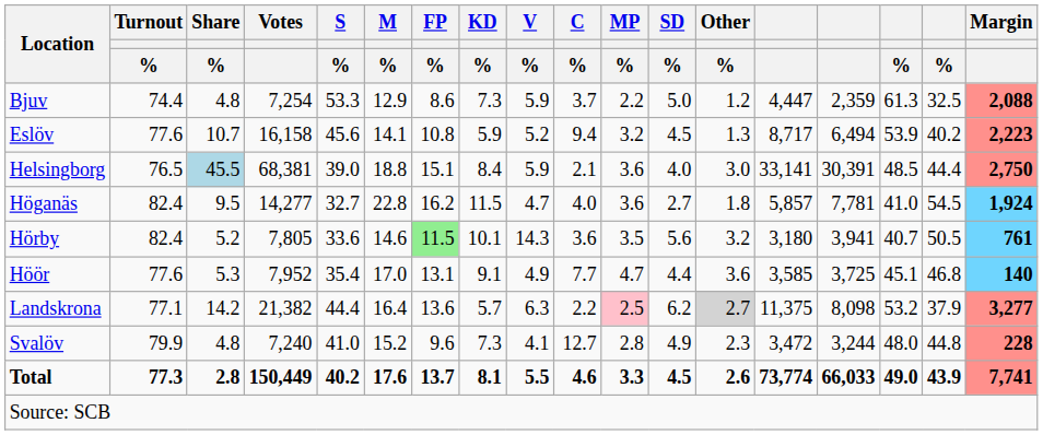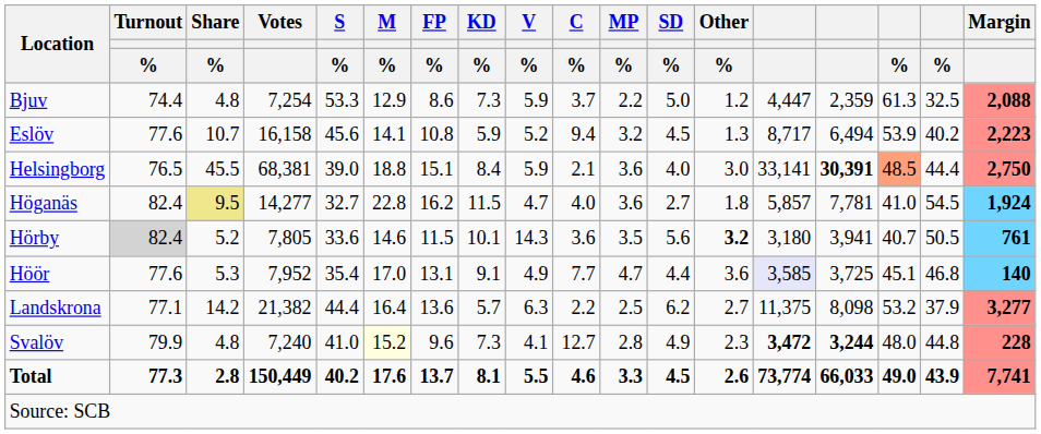 <table class="wikitable sortable" style="text-align:right; font-size:95%; line-height:20px;">
 <tr>
 <th rowspan="3">Location</th>
 <th>Turnout</th>
 <th>Share</th>
 <th>Votes</th>
 <th width="30px" class="unsortable"><a href='#'>S</a></th>
 <th width="30px" class="unsortable"><a href='#'>M</a></th>
 <th width="30px" class="unsortable"><a href='#'>FP</a></th>
 <th width="30px" class="unsortable"><a href='#'>KD</a></th>
 <th width="30px" class="unsortable"><a href='#'>V</a></th>
 <th width="30px" class="unsortable"><a href='#'>C</a></th>
 <th width="30px" class="unsortable"><a href='#'>MP</a></th>
 <th width="30px" class="unsortable"><a href='#'>SD</a></th>
 <th width="30px" class="unsortable">Other</th>
 <th></th>
 <th></th>
 <th></th>
 <th></th>
 <th>Margin</th>
 </tr>
 <tr>
 <th></th>
 <th></th>
 <th></th>
 <th style="background:"></th>
 <th style="background:"></th>
 <th style="background:"></th>
 <th style="background:"></th>
 <th style="background:"></th>
 <th style="background:"></th>
 <th style="background:"></th>
 <th style="background:"></th>
 <th style="background:"></th>
 <th style="background:"></th>
 <th style="background:"></th>
 <th style="background:"></th>
 <th style="background:"></th>
 <th></th>
 </tr>
 <tr>
 <th data-sort-type="number">%</th>
 <th data-sort-type="number">%</th>
 <th></th>
 <th data-sort-type="number">%</th>
 <th data-sort-type="number">%</th>
 <th data-sort-type="number">%</th>
 <th data-sort-type="number">%</th>
 <th data-sort-type="number">%</th>
 <th data-sort-type="number">%</th>
 <th data-sort-type="number">%</th>
 <th data-sort-type="number">%</th>
 <th data-sort-type="number">%</th>
 <th data-sort-type="number"></th>
 <th data-sort-type="number"></th>
 <th data-sort-type="number">%</th>
 <th data-sort-type="number">%</th>
 <th data-sort-type="number"></th>
 </tr>
 <tr>
 <td align=left><a href='#'>Bjuv</a></td>
 <td>74.4</td>
 <td>4.8</td>
 <td>7,254</td>
 <td>53.3</td>
 <td>12.9</td>
 <td>8.6</td>
 <td>7.3</td>
 <td>5.9</td>
 <td>3.7</td>
 <td>2.2</td>
 <td>5.0</td>
 <td>1.2</td>
 <td>4,447</td>
 <td>2,359</td>
 <td>61.3</td>
 <td>32.5</td>
 <td bgcolor=#ff908c><strong>2,088</strong></td>
 </tr>
 <tr>
 <td align=left><a href='#'>Eslöv</a></td>
 <td>77.6</td>
 <td>10.7</td>
 <td>16,158</td>
 <td>45.6</td>
 <td>14.1</td>
 <td>10.8</td>
 <td>5.9</td>
 <td>5.2</td>
 <td>9.4</td>
 <td>3.2</td>
 <td>4.5</td>
 <td>1.3</td>
 <td>8,717</td>
 <td>6,494</td>
 <td>53.9</td>
 <td>40.2</td>
 <td bgcolor=#ff908c><strong>2,223</strong></td>
 </tr>
 <tr>
 <td align=left><a href='#'>Helsingborg</a></td>
 <td>76.5</td>
-<td style="background: lightblue;">45.5</td>
+<td>45.5</td>
 <td>68,381</td>
 <td>39.0</td>
 <td>18.8</td>
 <td>15.1</td>
 <td>8.4</td>
 <td>5.9</td>
 <td>2.1</td>
 <td>3.6</td>
 <td>4.0</td>
 <td>3.0</td>
 <td>33,141</td>
-<td>30,391</td>
-<td>48.5</td>
+<td><strong>30,391</strong></td>
+<td style="background: lightsalmon;">48.5</td>
 <td>44.4</td>
 <td bgcolor=#ff908c><strong>2,750</strong></td>
 </tr>
 <tr>
 <td align=left><a href='#'>Höganäs</a></td>
 <td>82.4</td>
-<td>9.5</td>
+<td style="background: khaki;">9.5</td>
 <td>14,277</td>
 <td>32.7</td>
 <td>22.8</td>
 <td>16.2</td>
 <td>11.5</td>
 <td>4.7</td>
 <td>4.0</td>
 <td>3.6</td>
 <td>2.7</td>
 <td>1.8</td>
 <td>5,857</td>
 <td>7,781</td>
 <td>41.0</td>
 <td>54.5</td>
 <td bgcolor=#6fd5fe><strong>1,924</strong></td>
 </tr>
 <tr>
 <td align=left><a href='#'>Hörby</a></td>
-<td>82.4</td>
+<td style="background: lightgrey;">82.4</td>
 <td>5.2</td>
 <td>7,805</td>
 <td>33.6</td>
 <td>14.6</td>
-<td style="background: lightgreen;">11.5</td>
+<td>11.5</td>
 <td>10.1</td>
 <td>14.3</td>
 <td>3.6</td>
 <td>3.5</td>
 <td>5.6</td>
-<td>3.2</td>
+<td><strong>3.2</strong></td>
 <td>3,180</td>
 <td>3,941</td>
 <td>40.7</td>
 <td>50.5</td>
 <td bgcolor=#6fd5fe><strong>761</strong></td>
 </tr>
 <tr>
 <td align=left><a href='#'>Höör</a></td>
 <td>77.6</td>
 <td>5.3</td>
 <td>7,952</td>
 <td>35.4</td>
 <td>17.0</td>
 <td>13.1</td>
 <td>9.1</td>
 <td>4.9</td>
 <td>7.7</td>
 <td>4.7</td>
 <td>4.4</td>
 <td>3.6</td>
-<td>3,585</td>
+<td style="background: lavender;">3,585</td>
 <td>3,725</td>
 <td>45.1</td>
 <td>46.8</td>
 <td bgcolor=#6fd5fe><strong>140</strong></td>
 </tr>
 <tr>
 <td align=left><a href='#'>Landskrona</a></td>
 <td>77.1</td>
 <td>14.2</td>
 <td>21,382</td>
 <td>44.4</td>
 <td>16.4</td>
 <td>13.6</td>
 <td>5.7</td>
 <td>6.3</td>
 <td>2.2</td>
-<td style="background: pink;">2.5</td>
+<td>2.5</td>
 <td>6.2</td>
-<td style="background: lightgrey;">2.7</td>
+<td>2.7</td>
 <td>11,375</td>
 <td>8,098</td>
 <td>53.2</td>
 <td>37.9</td>
 <td bgcolor=#ff908c><strong>3,277</strong></td>
 </tr>
 <tr>
 <td align=left><a href='#'>Svalöv</a></td>
 <td>79.9</td>
 <td>4.8</td>
 <td>7,240</td>
 <td>41.0</td>
-<td>15.2</td>
+<td style="background: lightyellow;">15.2</td>
 <td>9.6</td>
 <td>7.3</td>
 <td>4.1</td>
 <td>12.7</td>
 <td>2.8</td>
 <td>4.9</td>
 <td>2.3</td>
-<td>3,472</td>
-<td>3,244</td>
+<td><strong>3,472</strong></td>
+<td><strong>3,244</strong></td>
 <td>48.0</td>
 <td>44.8</td>
 <td bgcolor=#ff908c><strong>228</strong></td>
 </tr>
 <tr>
 <td align=left><strong>Total</strong></td>
 <td><strong>77.3</strong></td>
 <td><strong>2.8</strong></td>
 <td><strong>150,449</strong></td>
 <td><strong>40.2</strong></td>
 <td><strong>17.6</strong></td>
 <td><strong>13.7</strong></td>
 <td><strong>8.1</strong></td>
 <td><strong>5.5</strong></td>
 <td><strong>4.6</strong></td>
 <td><strong>3.3</strong></td>
 <td><strong>4.5</strong></td>
 <td><strong>2.6</strong></td>
 <td><strong>73,774</strong></td>
 <td><strong>66,033</strong></td>
 <td><strong>49.0</strong></td>
 <td><strong>43.9</strong></td>
 <td bgcolor=#ff908c><strong>7,741</strong></td>
 </tr>
 <tr>
 <td align=left colspan=18>Source: SCB </td>
 </tr>
 </table>
